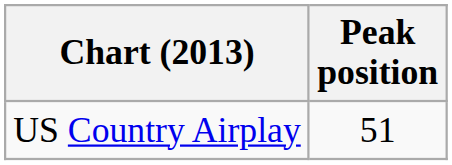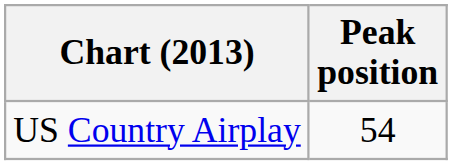 <table class="wikitable">
 <tr>
 <th>Chart (2013)</th>
 <th>Peak<br>position</th>
 </tr>
 <tr>
 <td>US <a href='#'>Country Airplay</a></td>
-<td align="center">51</td>
+<td align="center">54</td>
 </tr>
 </table>
